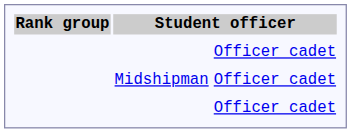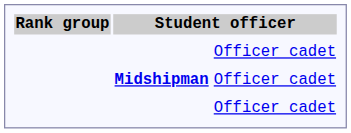 <table style="border:1px solid #8888aa; background-color:#f7f8ff; padding:5px; font-size:95%; margin: 0px 12px 12px 0px; text-align:center;">
 <tr bgcolor="#CCCCCC">
 <th>Rank group</th>
 <th colspan=2>Student officer</th>
 </tr>
 <tr>
 <td rowspan=2><strong></strong></td>
 <td rowspan=2></td>
 <td></td>
 </tr>
 <tr>
 <td><a href='#'>Officer cadet</a></td>
 </tr>
 <tr>
 <td rowspan=2><strong></strong></td>
 <td></td>
 <td></td>
 </tr>
 <tr>
-<td><a href='#'>Midshipman</a></td>
+<td><strong><a href='#'>Midshipman</a></strong></td>
 <td><a href='#'>Officer cadet</a></td>
 </tr>
 <tr>
 <td rowspan=2><strong></strong></td>
 <td rowspan=2></td>
 <td></td>
 </tr>
 <tr>
 <td><a href='#'>Officer cadet</a></td>
 </tr>
 </table>
